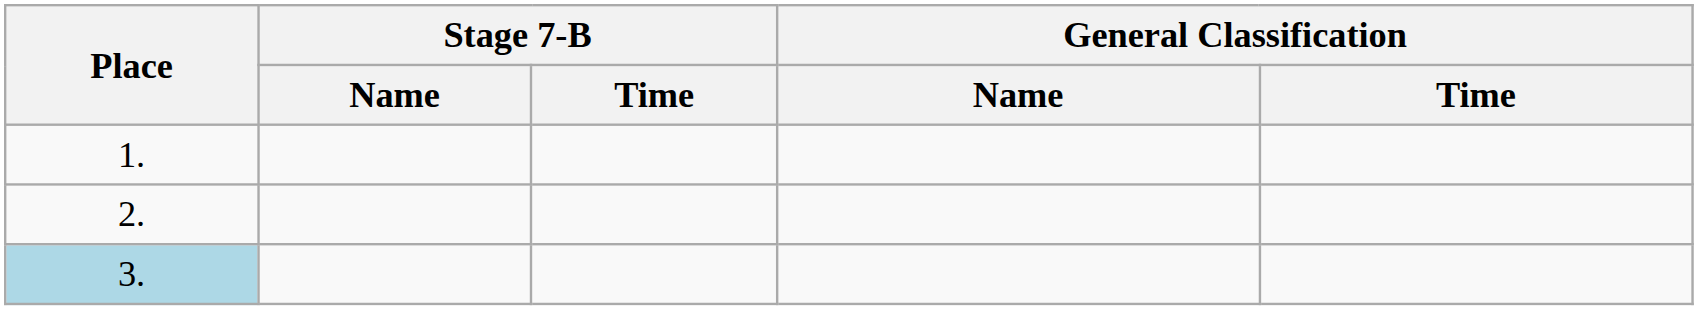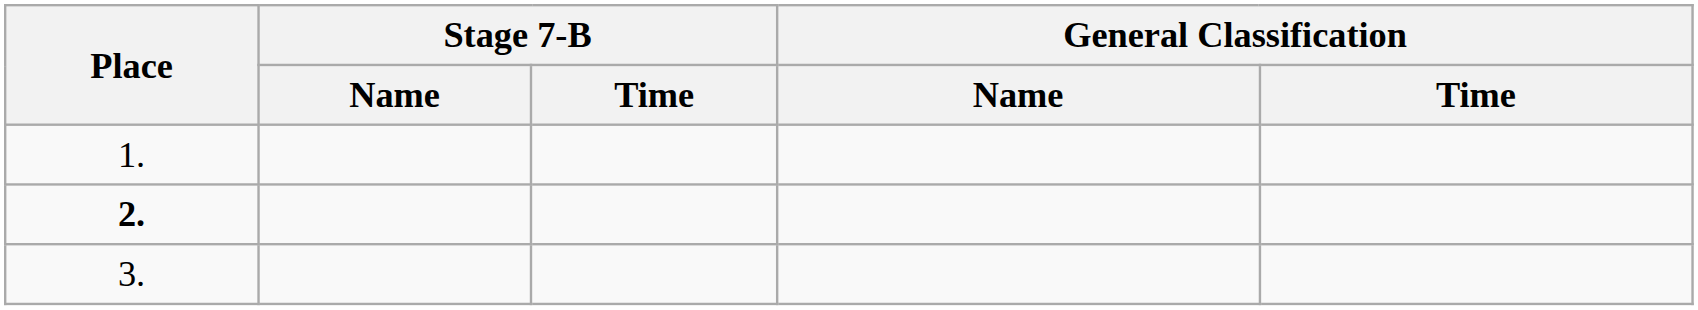 <table class=wikitable style="font-size:95%" width="80%">
 <tr>
 <th rowspan="2">Place</th>
 <th colspan="2">Stage 7-B</th>
 <th colspan="2">General Classification</th>
 </tr>
 <tr>
 <th>Name</th>
 <th>Time</th>
 <th>Name</th>
 <th>Time</th>
 </tr>
 <tr>
 <td align="center">1.</td>
 <td></td>
 <td></td>
 <td></td>
 <td></td>
 </tr>
 <tr>
-<td align="center">2.</td>
+<td align="center"><strong>2.</strong></td>
 <td></td>
 <td></td>
 <td></td>
 <td></td>
 </tr>
 <tr>
-<td align="center" style="background: lightblue;">3.</td>
+<td align="center">3.</td>
 <td></td>
 <td></td>
 <td></td>
 <td></td>
 </tr>
 </table>
